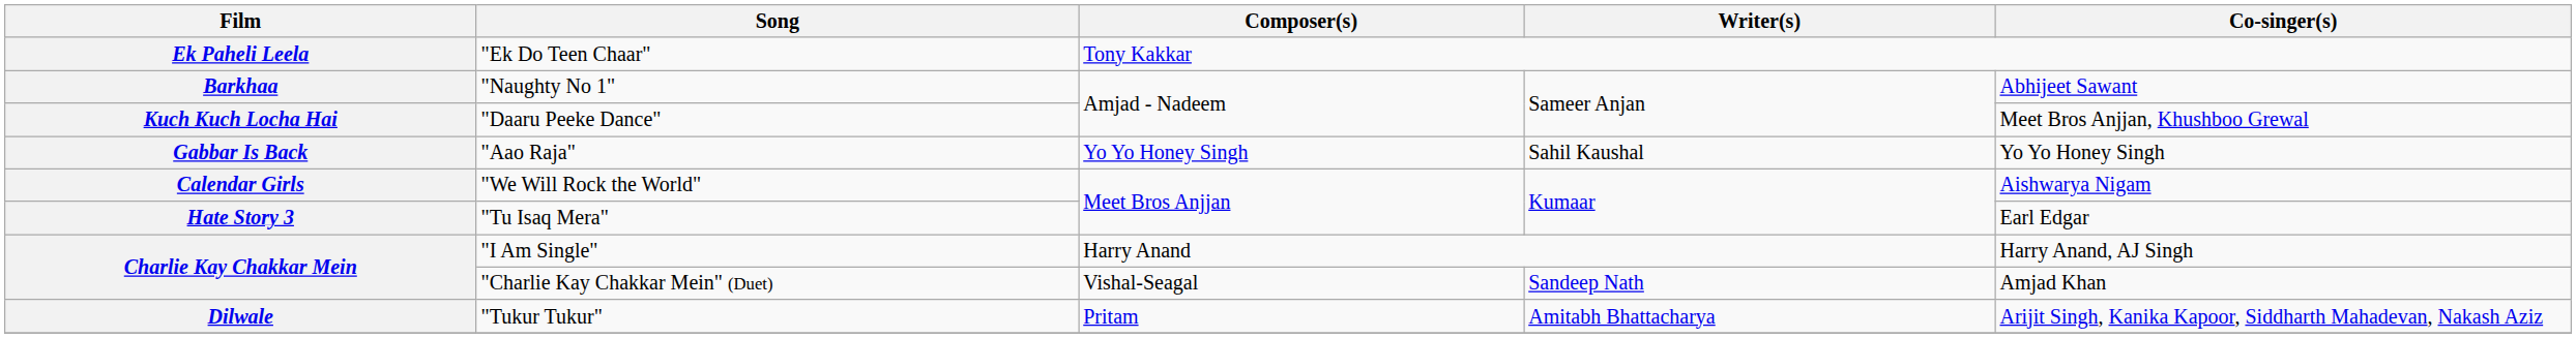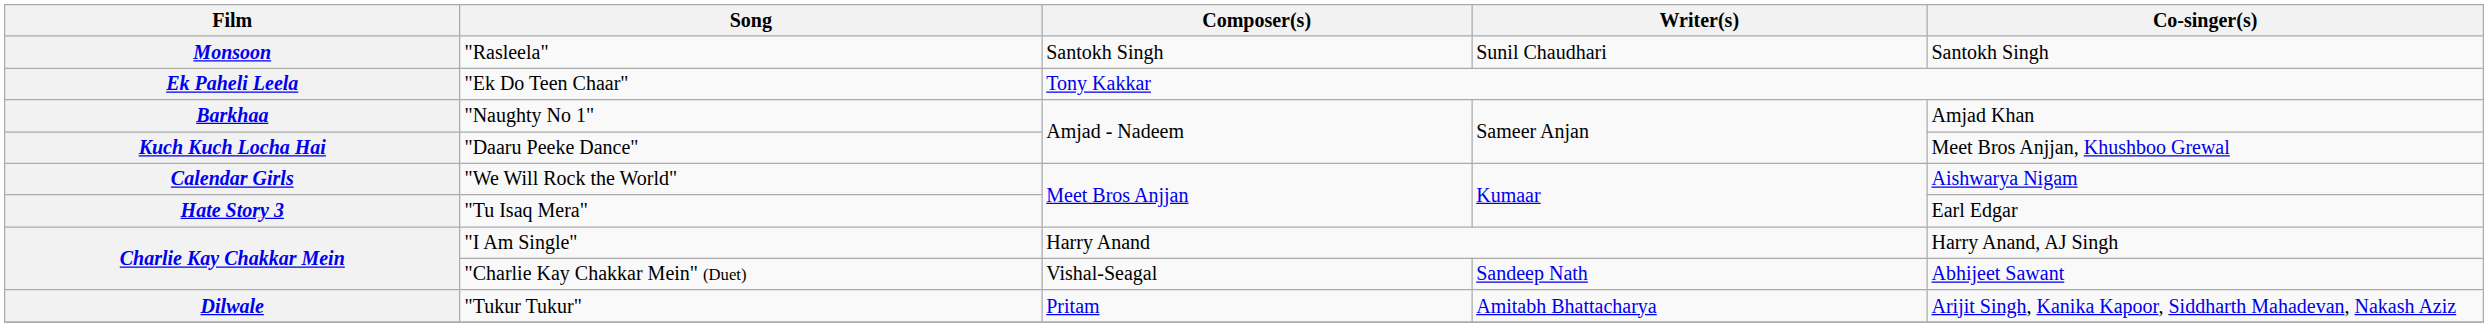 <table class="wikitable plainrowheaders" width="100%">
 <tr>
 <th width=18%>Film</th>
 <th width=23%>Song</th>
 <th width=17%>Composer(s)</th>
 <th width=18%>Writer(s)</th>
 <th width=22%>Co-singer(s)</th>
+</tr>
+<tr>
+<th scope=row><em><a href='#'>Monsoon</a></em></th>
+<td>"Rasleela"</td>
+<td>Santokh Singh</td>
+<td>Sunil Chaudhari</td>
+<td>Santokh Singh</td>
 </tr>
 <tr>
 <th scope=row><em><a href='#'>Ek Paheli Leela</a></em></th>
 <td>"Ek Do Teen Chaar"</td>
 <td colspan=3><a href='#'>Tony Kakkar</a></td>
 </tr>
 <tr>
 <th scope=row><em><a href='#'>Barkhaa</a></em></th>
 <td>"Naughty No 1"</td>
 <td rowspan=2>Amjad - Nadeem</td>
 <td rowspan=2>Sameer Anjan</td>
-<td><a href='#'>Abhijeet Sawant</a></td>
+<td>Amjad Khan</td>
 </tr>
 <tr>
 <th scope=row><em><a href='#'>Kuch Kuch Locha Hai</a></em></th>
 <td>"Daaru Peeke Dance"</td>
 <td>Meet Bros Anjjan, <a href='#'>Khushboo Grewal</a></td>
-</tr>
-<tr>
-<th scope=row><em><a href='#'>Gabbar Is Back</a></em></th>
-<td>"Aao Raja"</td>
-<td><a href='#'>Yo Yo Honey Singh</a></td>
-<td>Sahil Kaushal</td>
-<td>Yo Yo Honey Singh</td>
 </tr>
 <tr>
 <th scope=row><em><a href='#'>Calendar Girls</a></em></th>
 <td>"We Will Rock the World"</td>
 <td rowspan=2><a href='#'>Meet Bros Anjjan</a></td>
 <td rowspan=2><a href='#'>Kumaar</a></td>
 <td><a href='#'>Aishwarya Nigam</a></td>
 </tr>
 <tr>
 <th scope=row><em><a href='#'>Hate Story 3</a></em></th>
 <td>"Tu Isaq Mera"</td>
 <td>Earl Edgar</td>
 </tr>
 <tr>
 <th scope=row rowspan="2"><em><a href='#'>Charlie Kay Chakkar Mein</a></em></th>
 <td>"I Am Single"</td>
 <td colspan=2>Harry Anand</td>
 <td>Harry Anand, AJ Singh</td>
 </tr>
 <tr>
 <td>"Charlie Kay Chakkar Mein" <small>(Duet)</small></td>
 <td>Vishal-Seagal</td>
 <td><a href='#'>Sandeep Nath</a></td>
-<td>Amjad Khan</td>
+<td><a href='#'>Abhijeet Sawant</a></td>
 </tr>
 <tr>
 <th scope=row><em><a href='#'>Dilwale</a></em></th>
 <td>"Tukur Tukur"</td>
 <td><a href='#'>Pritam</a></td>
 <td><a href='#'>Amitabh Bhattacharya</a></td>
 <td><a href='#'>Arijit Singh</a>, <a href='#'>Kanika Kapoor</a>, <a href='#'>Siddharth Mahadevan</a>, <a href='#'>Nakash Aziz</a></td>
 </tr>
 <tr>
 </tr>
 </table>
